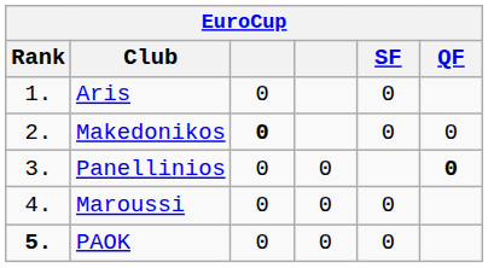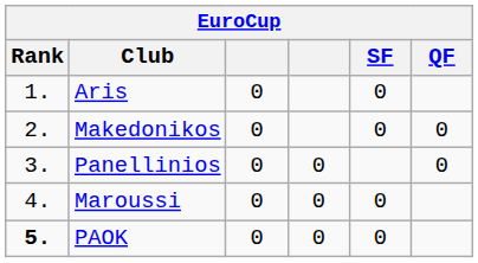 <table class="wikitable" style="text-align:center">
 <tr style="font-size:90%">
 <th colspan=6><a href='#'>EuroCup</a></th>
 </tr>
 <tr>
 <th>Rank</th>
 <th width=30>Club</th>
 <th width=30></th>
 <th width=30></th>
 <th width=30><a href='#'>SF</a></th>
 <th width=30><a href='#'>QF</a></th>
 </tr>
 <tr>
 <td>1.</td>
 <td align=left><a href='#'>Aris</a></td>
 <td>0</td>
 <td></td>
 <td>0</td>
 <td></td>
 </tr>
 <tr>
 <td>2.</td>
 <td align=left><a href='#'>Makedonikos</a></td>
-<td><strong>0</strong></td>
+<td>0</td>
 <td></td>
 <td>0</td>
 <td>0</td>
 </tr>
 <tr>
 <td>3.</td>
 <td align=left><a href='#'>Panellinios</a></td>
 <td>0</td>
 <td>0</td>
 <td></td>
-<td><strong>0</strong></td>
+<td>0</td>
 </tr>
 <tr>
 <td>4.</td>
 <td align=left><a href='#'>Maroussi</a></td>
 <td>0</td>
 <td>0</td>
 <td>0</td>
 <td></td>
 </tr>
 <tr>
 <td><strong>5.</strong></td>
 <td align=left><a href='#'>PAOK</a></td>
 <td>0</td>
 <td>0</td>
 <td>0</td>
 <td></td>
 </tr>
 </table>
